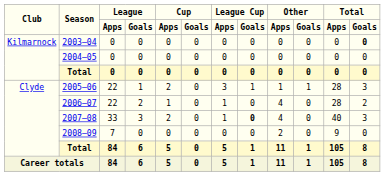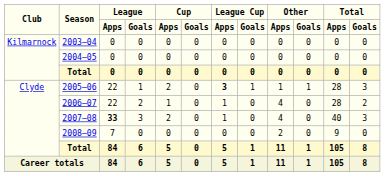 <table border=1 align=center cellpadding=4 cellspacing=2 style="background: ivory; font-size: 95%; border: 1px #aaaaaa solid; border-collapse: collapse; clear:center">
 <tr>
 <th rowspan="2">Club</th>
 <th rowspan="2">Season</th>
 <th colspan="2">League</th>
 <th colspan="2">Cup</th>
 <th colspan="2">League Cup</th>
 <th colspan="2">Other</th>
 <th colspan="2">Total</th>
 </tr>
 <tr>
 <th>Apps</th>
 <th>Goals</th>
 <th>Apps</th>
 <th>Goals</th>
 <th>Apps</th>
 <th>Goals</th>
 <th>Apps</th>
 <th>Goals</th>
 <th>Apps</th>
 <th>Goals</th>
 </tr>
 <tr align=center>
 <td rowspan="3" valign=top><a href='#'>Kilmarnock</a></td>
 <td><a href='#'>2003–04</a></td>
 <td>0</td>
 <td>0</td>
 <td>0</td>
 <td>0</td>
 <td>0</td>
 <td>0</td>
 <td>0</td>
 <td>0</td>
 <td>0</td>
-<td><strong>0</strong></td>
+<td>0</td>
 </tr>
 <tr align=center>
 <td><a href='#'>2004–05</a></td>
 <td>0</td>
 <td>0</td>
 <td>0</td>
 <td>0</td>
 <td>0</td>
 <td>0</td>
 <td>0</td>
 <td>0</td>
 <td>0</td>
 <td>0</td>
 </tr>
 <tr style="background:lemonchiffon">
 <th>Total</th>
 <th>0</th>
 <th>0</th>
 <th>0</th>
 <th>0</th>
 <th>0</th>
 <th>0</th>
 <th>0</th>
 <th>0</th>
 <th>0</th>
 <th>0</th>
 </tr>
 <tr align=center>
 <td rowspan="5" valign=top><a href='#'>Clyde</a></td>
 <td><a href='#'>2005–06</a></td>
 <td>22</td>
 <td>1</td>
 <td>2</td>
 <td>0</td>
-<td>3</td>
+<td><strong>3</strong></td>
 <td>1</td>
 <td>1</td>
 <td>1</td>
 <td>28</td>
 <td>3</td>
 </tr>
 <tr align=center>
 <td><a href='#'>2006–07</a></td>
 <td>22</td>
 <td>2</td>
 <td>1</td>
 <td>0</td>
 <td>1</td>
 <td>0</td>
 <td>4</td>
 <td>0</td>
 <td>28</td>
 <td>2</td>
 </tr>
 <tr align=center>
 <td><a href='#'>2007–08</a></td>
-<td>33</td>
+<td><strong>33</strong></td>
 <td>3</td>
 <td>2</td>
 <td>0</td>
 <td>1</td>
-<td><strong>0</strong></td>
+<td>0</td>
 <td>4</td>
 <td>0</td>
 <td>40</td>
 <td>3</td>
 </tr>
 <tr align=center>
 <td><a href='#'>2008–09</a></td>
 <td>7</td>
 <td>0</td>
 <td>0</td>
 <td>0</td>
 <td>0</td>
 <td>0</td>
 <td>2</td>
 <td>0</td>
 <td>9</td>
 <td>0</td>
 </tr>
 <tr style="background:lemonchiffon">
 <th>Total</th>
 <th>84</th>
 <th>6</th>
 <th>5</th>
 <th>0</th>
 <th>5</th>
 <th>1</th>
 <th>11</th>
 <th>1</th>
 <th>105</th>
 <th>8</th>
 </tr>
 <tr style="background:beige">
 <th colspan="2">Career totals</th>
 <th>84</th>
 <th>6</th>
 <th>5</th>
 <th>0</th>
 <th>5</th>
 <th>1</th>
 <th>11</th>
 <th>1</th>
 <th>105</th>
 <th>8</th>
 </tr>
 </table>
